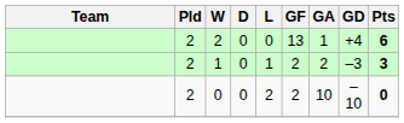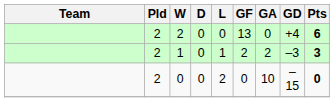 <table class="wikitable" style="text-align: center;">
 <tr>
 <th width="175">Team</th>
 <th width="20">Pld</th>
 <th width="20">W</th>
 <th width="20">D</th>
 <th width="20">L</th>
 <th width="20">GF</th>
 <th width="20">GA</th>
 <th width="25">GD</th>
 <th width="20">Pts</th>
 </tr>
 <tr bgcolor=CCFFCC>
 <td align=left></td>
 <td>2</td>
 <td>2</td>
 <td>0</td>
 <td>0</td>
 <td>13</td>
-<td>1</td>
+<td>0</td>
 <td>+4</td>
 <td><strong>6</strong></td>
 </tr>
 <tr bgcolor=CCFFCC>
 <td align=left></td>
 <td>2</td>
 <td>1</td>
 <td>0</td>
 <td>1</td>
 <td>2</td>
 <td>2</td>
 <td>–3</td>
 <td><strong>3</strong></td>
 </tr>
 <tr>
 <td align=left></td>
 <td>2</td>
 <td>0</td>
 <td>0</td>
 <td>2</td>
-<td>2</td>
+<td>0</td>
 <td>10</td>
-<td>–10</td>
+<td>–15</td>
 <td><strong>0</strong></td>
 </tr>
 <tr>
 </tr>
 </table>
